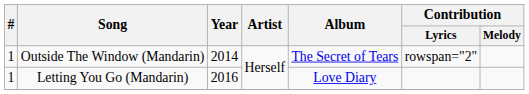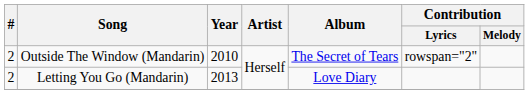 <table class="wikitable plainrowheaders">
 <tr>
 <th rowspan="2">#</th>
 <th scope="col" rowspan="2">Song</th>
 <th scope="col" rowspan="2">Year</th>
 <th scope="col" rowspan="2">Artist</th>
 <th scope="col" rowspan="2">Album</th>
 <th scope="col" colspan="2">Contribution</th>
 </tr>
 <tr>
 <th scope="col" style="width:3em;font-size:85%;">Lyrics</th>
 <th scope="col" style="width:3em;font-size:85%;">Melody</th>
 </tr>
 <tr align= "center">
-<td>1</td>
+<td>2</td>
 <td>Outside The Window (Mandarin)</td>
-<td>2014</td>
+<td>2010</td>
 <td rowspan="2">Herself</td>
 <td><a href='#'>The Secret of Tears</a></td>
 <td>rowspan="2" </td>
 <td></td>
 </tr>
 <tr align= "center">
-<td>1</td>
+<td>2</td>
 <td>Letting You Go (Mandarin)</td>
-<td>2016</td>
+<td>2013</td>
 <td><a href='#'>Love Diary</a></td>
 <td></td>
 </tr>
 <tr align= "center">
 </tr>
 </table>
